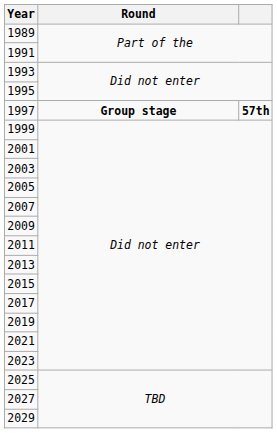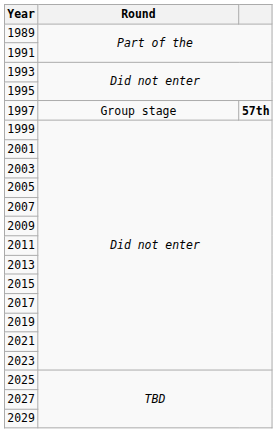 <table class="wikitable" style="text-align: center; font-size:90%">
 <tr>
 <th>Year</th>
 <th style="width:200px">Round</th>
 <th></th>
 </tr>
 <tr>
 <td>1989</td>
 <td colspan="2" rowspan="2"><em>Part of the </em></td>
 </tr>
 <tr>
 <td>1991</td>
 </tr>
 <tr>
 <td>1993</td>
 <td colspan="2" rowspan="2"><em>Did not enter</em></td>
 </tr>
 <tr>
 <td>1995</td>
 </tr>
 <tr>
 <td>1997</td>
-<td><strong>Group stage</strong></td>
+<td>Group stage</td>
 <td><strong>57th</strong></td>
 </tr>
 <tr>
 <td>1999</td>
 <td colspan="2" rowspan="13"><em>Did not enter</em></td>
 </tr>
 <tr>
 <td>2001</td>
 </tr>
 <tr>
 <td>2003</td>
 </tr>
 <tr>
 <td>2005</td>
 </tr>
 <tr>
 <td>2007</td>
 </tr>
 <tr>
 <td>2009</td>
 </tr>
 <tr>
 <td>2011</td>
 </tr>
 <tr>
 <td>2013</td>
 </tr>
 <tr>
 <td>2015</td>
 </tr>
 <tr>
 <td>2017</td>
 </tr>
 <tr>
 <td>2019</td>
 </tr>
 <tr>
 <td>2021</td>
 </tr>
 <tr>
 <td>2023</td>
 </tr>
 <tr>
 <td>2025</td>
 <td colspan="2" rowspan="3"><em>TBD</em></td>
 </tr>
 <tr>
 <td>2027</td>
 </tr>
 <tr>
 <td>2029</td>
 </tr>
 </table>
